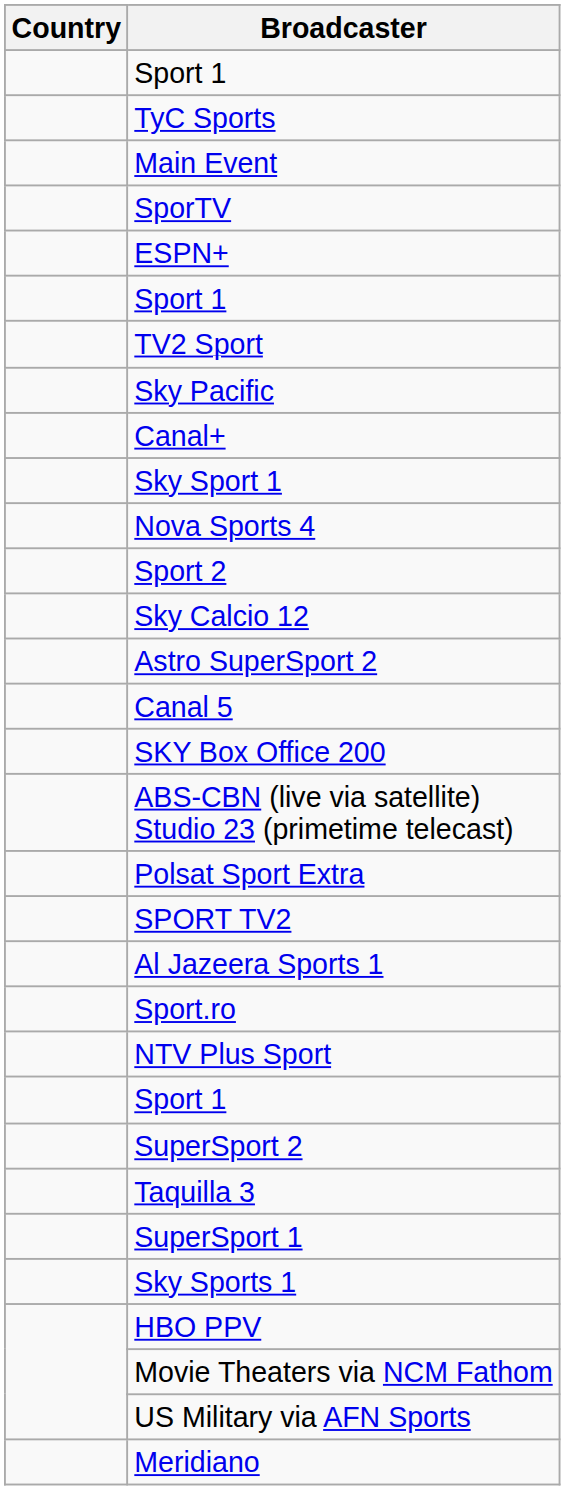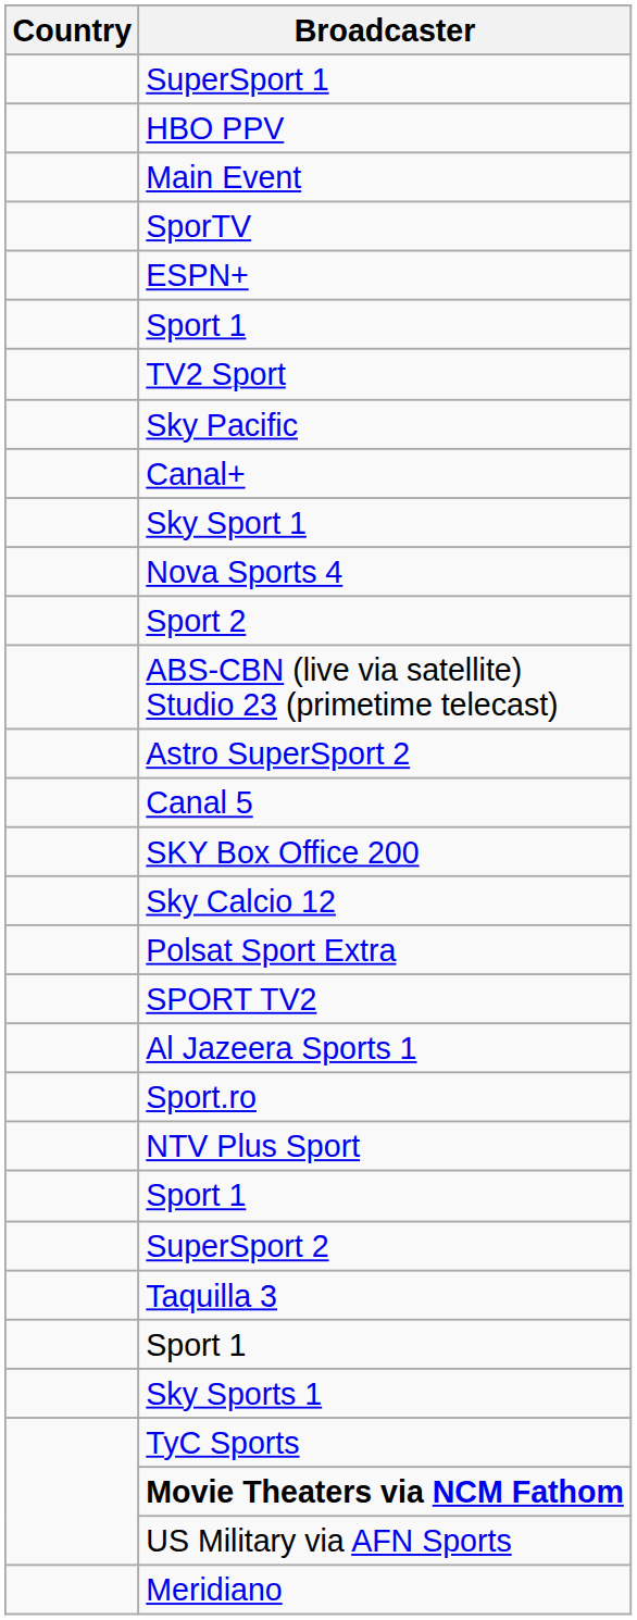 <table class="wikitable" style="font-size:95%;">
 <tr>
 <th>Country</th>
 <th>Broadcaster</th>
 </tr>
 <tr>
 <td align=left></td>
-<td>Sport 1</td>
+<td><a href='#'>SuperSport 1</a></td>
 </tr>
 <tr>
 <td align=left></td>
-<td><a href='#'>TyC Sports</a></td>
+<td><a href='#'>HBO PPV</a></td>
 </tr>
 <tr>
 <td align=left></td>
 <td><a href='#'>Main Event</a></td>
 </tr>
 <tr>
 <td align=left></td>
 <td><a href='#'>SporTV</a></td>
 </tr>
 <tr>
 <td align=left></td>
 <td><a href='#'>ESPN+</a></td>
 </tr>
 <tr>
 <td align=left></td>
 <td><a href='#'>Sport 1</a></td>
 </tr>
 <tr>
 <td align=left></td>
 <td><a href='#'>TV2 Sport</a></td>
 </tr>
 <tr>
 <td align=left></td>
 <td><a href='#'>Sky Pacific</a></td>
 </tr>
 <tr>
 <td align=left></td>
 <td><a href='#'>Canal+</a></td>
 </tr>
 <tr>
 <td align=left></td>
 <td><a href='#'>Sky Sport 1</a></td>
 </tr>
 <tr>
 <td align=left></td>
 <td><a href='#'>Nova Sports 4</a></td>
 </tr>
 <tr>
 <td align=left></td>
 <td><a href='#'>Sport 2</a></td>
 </tr>
 <tr>
 <td align=left></td>
-<td><a href='#'>Sky Calcio 12</a></td>
+<td><a href='#'>ABS-CBN</a> (live via satellite) <br> <a href='#'>Studio 23</a> (primetime telecast)<br></td>
 </tr>
 <tr>
 <td align=left></td>
 <td><a href='#'>Astro SuperSport 2</a></td>
 </tr>
 <tr>
 <td align=left></td>
 <td><a href='#'>Canal 5</a></td>
 </tr>
 <tr>
 <td align=left></td>
 <td><a href='#'>SKY Box Office 200</a></td>
 </tr>
 <tr>
 <td align=left></td>
-<td><a href='#'>ABS-CBN</a> (live via satellite) <br> <a href='#'>Studio 23</a> (primetime telecast)<br></td>
+<td><a href='#'>Sky Calcio 12</a></td>
 </tr>
 <tr>
 <td align=left></td>
 <td><a href='#'>Polsat Sport Extra</a></td>
 </tr>
 <tr>
 <td align=left></td>
 <td><a href='#'>SPORT TV2</a></td>
 </tr>
 <tr>
 <td align=left></td>
 <td><a href='#'>Al Jazeera Sports 1</a></td>
 </tr>
 <tr>
 <td align=left></td>
 <td><a href='#'>Sport.ro</a></td>
 </tr>
 <tr>
 <td align=left></td>
 <td><a href='#'>NTV Plus Sport</a></td>
 </tr>
 <tr>
 <td align=left></td>
 <td><a href='#'>Sport 1</a></td>
 </tr>
 <tr>
 <td align=left></td>
 <td><a href='#'>SuperSport 2</a></td>
 </tr>
 <tr>
 <td align=left></td>
 <td><a href='#'>Taquilla 3</a></td>
 </tr>
 <tr>
 <td align=left></td>
-<td><a href='#'>SuperSport 1</a></td>
+<td>Sport 1</td>
 </tr>
 <tr>
 <td align=left></td>
 <td><a href='#'>Sky Sports 1</a></td>
 </tr>
 <tr>
 <td style="text-align:left;" rowspan="3"></td>
-<td><a href='#'>HBO PPV</a></td>
+<td><a href='#'>TyC Sports</a></td>
 </tr>
 <tr>
-<td>Movie Theaters via <a href='#'>NCM Fathom</a></td>
+<td><strong>Movie Theaters via <a href='#'>NCM Fathom</a></strong></td>
 </tr>
 <tr>
 <td>US Military via <a href='#'>AFN Sports</a></td>
 </tr>
 <tr>
 <td align=left></td>
 <td><a href='#'>Meridiano</a></td>
 </tr>
 </table>
